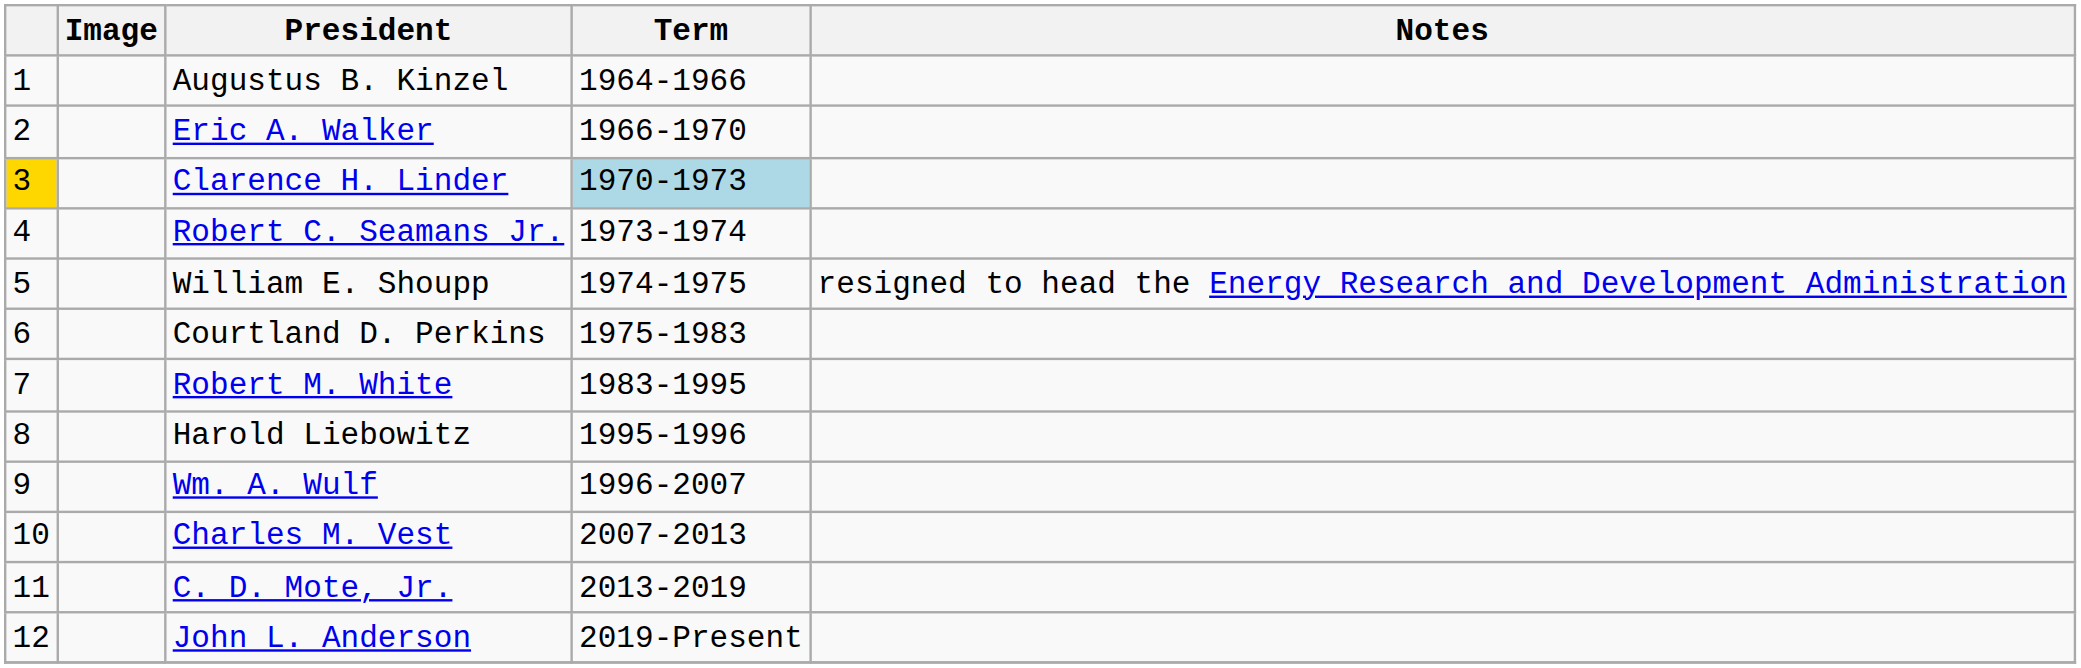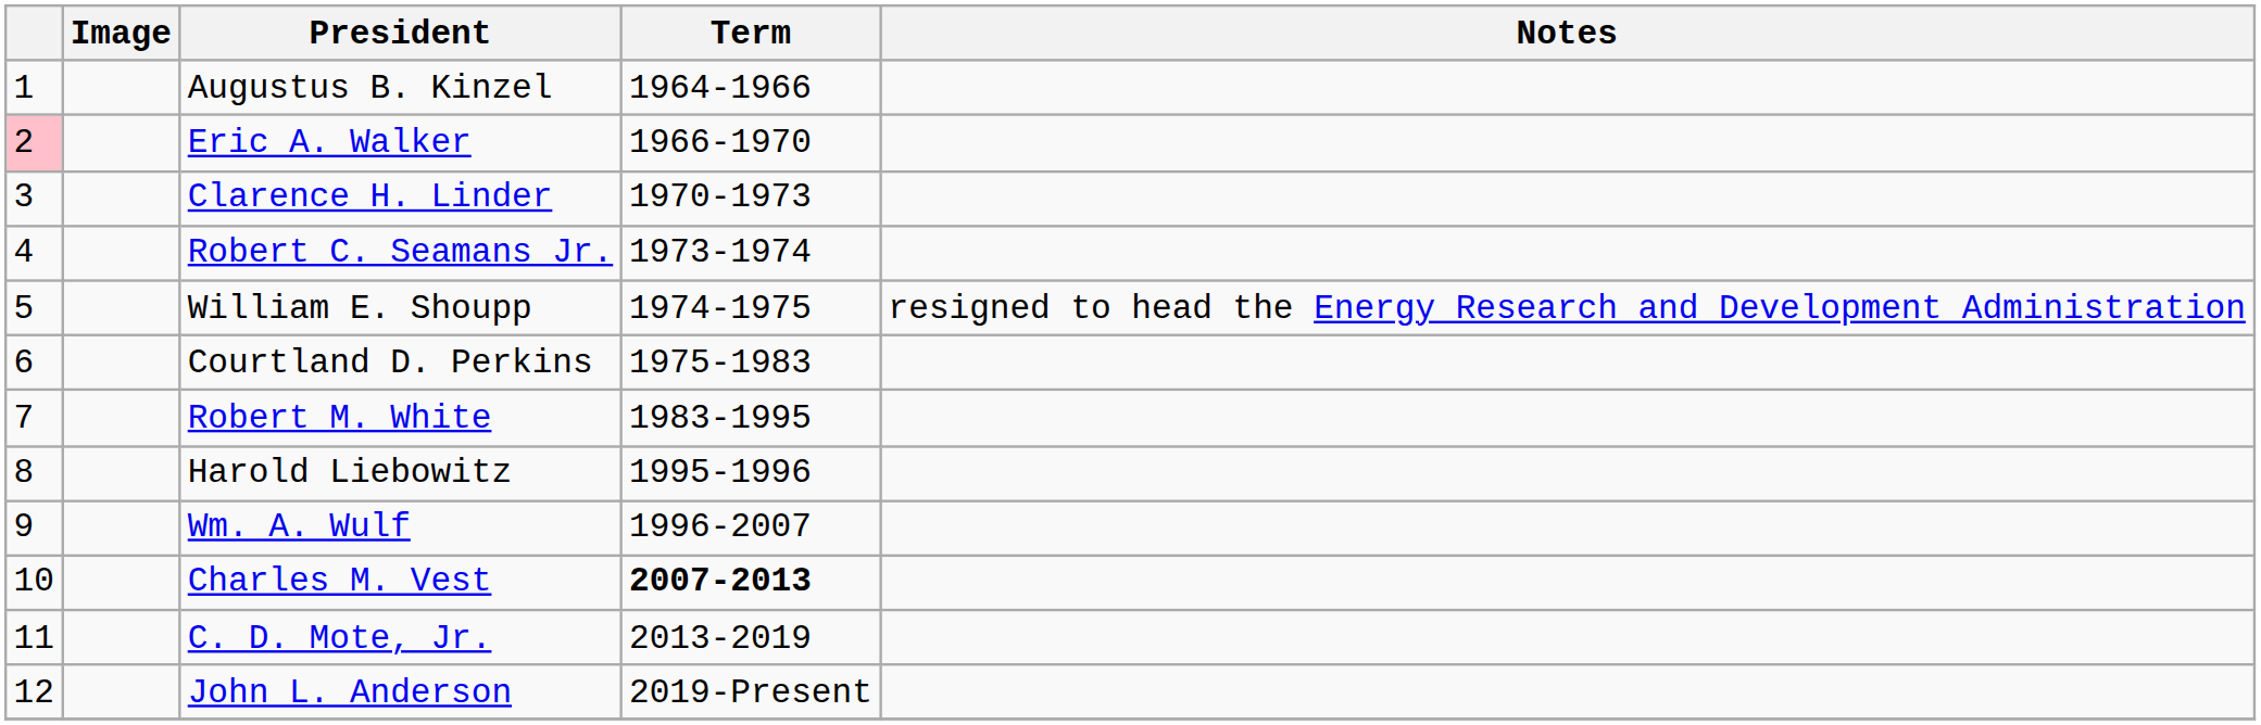 <table class=wikitable style="text-align:left">
 <tr>
 <th></th>
 <th>Image</th>
 <th>President</th>
 <th>Term</th>
 <th>Notes</th>
 </tr>
 <tr>
 <td>1</td>
 <td></td>
 <td>Augustus B. Kinzel</td>
 <td>1964-1966</td>
 <td></td>
 </tr>
 <tr>
-<td>2</td>
+<td style="background: pink;">2</td>
 <td></td>
 <td><a href='#'>Eric A. Walker</a></td>
 <td>1966-1970</td>
 <td></td>
 </tr>
 <tr>
-<td style="background: gold;">3</td>
+<td>3</td>
 <td></td>
 <td><a href='#'>Clarence H. Linder</a></td>
-<td style="background: lightblue;">1970-1973</td>
+<td>1970-1973</td>
 <td></td>
 </tr>
 <tr>
 <td>4</td>
 <td></td>
 <td><a href='#'>Robert C. Seamans Jr.</a></td>
 <td>1973-1974</td>
 <td></td>
 </tr>
 <tr>
 <td>5</td>
 <td></td>
 <td>William E. Shoupp</td>
 <td>1974-1975</td>
 <td>resigned to head the <a href='#'>Energy Research and Development Administration</a></td>
 </tr>
 <tr>
 <td>6</td>
 <td></td>
 <td>Courtland D. Perkins</td>
 <td>1975-1983</td>
 <td></td>
 </tr>
 <tr>
 <td>7</td>
 <td></td>
 <td><a href='#'>Robert M. White</a></td>
 <td>1983-1995</td>
 <td></td>
 </tr>
 <tr>
 <td>8</td>
 <td></td>
 <td>Harold Liebowitz</td>
 <td>1995-1996</td>
 <td></td>
 </tr>
 <tr>
 <td>9</td>
 <td></td>
 <td><a href='#'>Wm. A. Wulf</a></td>
 <td>1996-2007</td>
 <td></td>
 </tr>
 <tr>
 <td>10</td>
 <td></td>
 <td><a href='#'>Charles M. Vest</a></td>
-<td>2007-2013</td>
+<td><strong>2007-2013</strong></td>
 <td></td>
 </tr>
 <tr>
 <td>11</td>
 <td></td>
 <td><a href='#'>C. D. Mote, Jr.</a></td>
 <td>2013-2019</td>
 <td></td>
 </tr>
 <tr>
 <td>12</td>
 <td></td>
 <td><a href='#'>John L. Anderson</a></td>
 <td>2019-Present</td>
 <td></td>
 </tr>
 <tr>
 </tr>
 </table>
